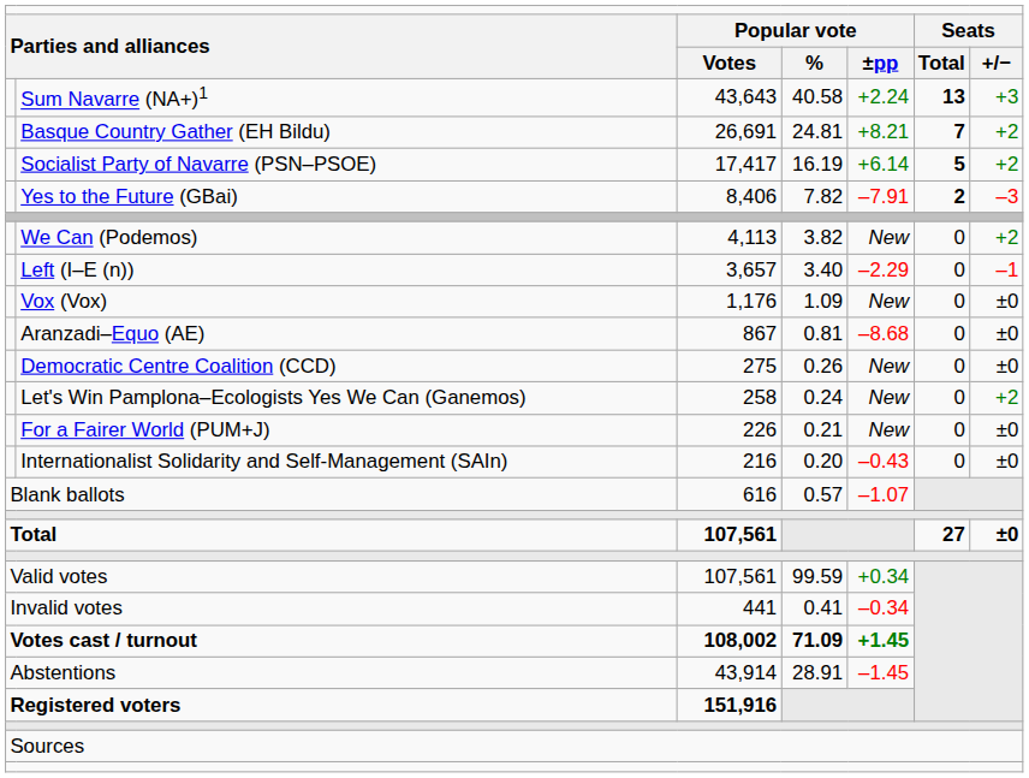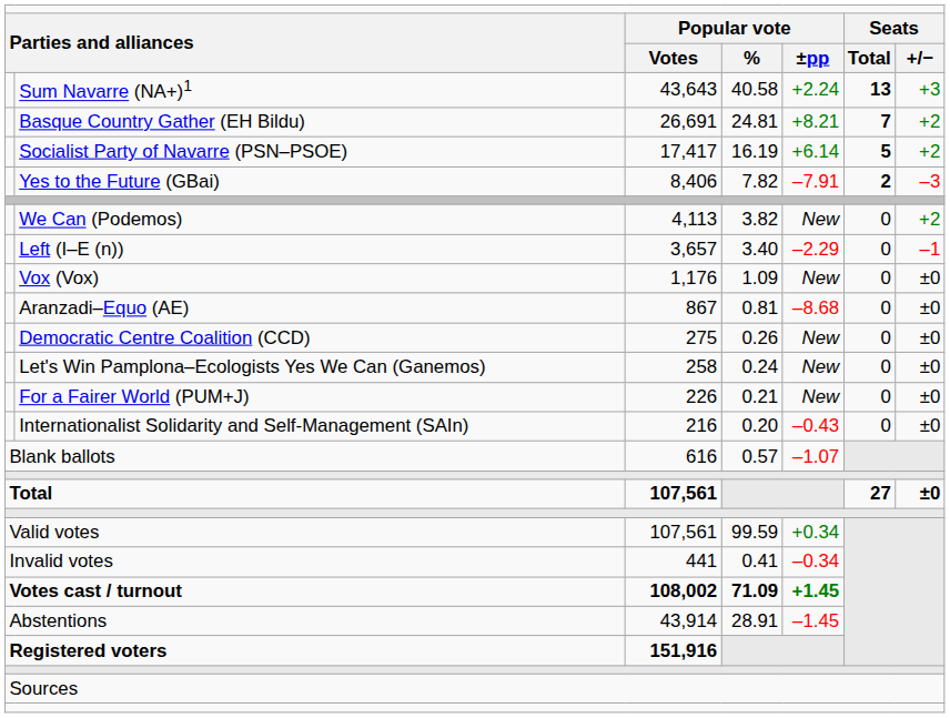 <table class="wikitable" style="text-align:right;">
 <tr>
 <td colspan="7"></td>
 </tr>
 <tr>
 <th style="text-align:left;" rowspan="2" colspan="2" width="525">Parties and alliances</th>
 <th colspan="3">Popular vote</th>
 <th colspan="2">Seats</th>
 </tr>
 <tr>
 <th width="75">Votes</th>
 <th width="45">%</th>
 <th width="45">±<a href='#'>pp</a></th>
 <th width="35">Total</th>
 <th width="35">+/−</th>
 </tr>
 <tr>
 <td width="1" style="color:inherit;background:"></td>
 <td align="left"><a href='#'>Sum Navarre</a> (NA+)<sup>1</sup></td>
 <td>43,643</td>
 <td>40.58</td>
 <td style="color:green;">+2.24</td>
 <td><strong>13</strong></td>
 <td style="color:green;">+3</td>
 </tr>
 <tr>
 <td style="color:inherit;background:"></td>
 <td align="left"><a href='#'>Basque Country Gather</a> (EH Bildu)</td>
 <td>26,691</td>
 <td>24.81</td>
 <td style="color:green;">+8.21</td>
 <td><strong>7</strong></td>
 <td style="color:green;">+2</td>
 </tr>
 <tr>
 <td style="color:inherit;background:"></td>
 <td align="left"><a href='#'>Socialist Party of Navarre</a> (PSN–PSOE)</td>
 <td>17,417</td>
 <td>16.19</td>
 <td style="color:green;">+6.14</td>
 <td><strong>5</strong></td>
 <td style="color:green;">+2</td>
 </tr>
 <tr>
 <td style="color:inherit;background:"></td>
 <td align="left"><a href='#'>Yes to the Future</a> (GBai)</td>
 <td>8,406</td>
 <td>7.82</td>
 <td style="color:red;">–7.91</td>
 <td><strong>2</strong></td>
 <td style="color:red;">–3</td>
 </tr>
 <tr>
 <td colspan="7" bgcolor="#C0C0C0"></td>
 </tr>
 <tr>
 <td style="color:inherit;background:"></td>
 <td align="left"><a href='#'>We Can</a> (Podemos)</td>
 <td>4,113</td>
 <td>3.82</td>
 <td><em>New</em></td>
 <td>0</td>
 <td style="color:green;">+2</td>
 </tr>
 <tr>
 <td style="color:inherit;background:"></td>
 <td align="left"><a href='#'>Left</a> (I–E (n))</td>
 <td>3,657</td>
 <td>3.40</td>
 <td style="color:red;">–2.29</td>
 <td>0</td>
 <td style="color:red;">–1</td>
 </tr>
 <tr>
 <td style="color:inherit;background:"></td>
 <td align="left"><a href='#'>Vox</a> (Vox)</td>
 <td>1,176</td>
 <td>1.09</td>
 <td><em>New</em></td>
 <td>0</td>
 <td>±0</td>
 </tr>
 <tr>
 <td style="color:inherit;background:"></td>
 <td align="left">Aranzadi–<a href='#'>Equo</a> (AE)</td>
 <td>867</td>
 <td>0.81</td>
 <td style="color:red;">–8.68</td>
 <td>0</td>
 <td>±0</td>
 </tr>
 <tr>
 <td style="color:inherit;background:"></td>
 <td align="left"><a href='#'>Democratic Centre Coalition</a> (CCD)</td>
 <td>275</td>
 <td>0.26</td>
 <td><em>New</em></td>
 <td>0</td>
 <td>±0</td>
 </tr>
 <tr>
 <td style="color:inherit;background:"></td>
 <td align="left">Let's Win Pamplona–Ecologists Yes We Can (Ganemos)</td>
 <td>258</td>
 <td>0.24</td>
 <td><em>New</em></td>
 <td>0</td>
-<td style="color:green;">+2</td>
+<td>±0</td>
 </tr>
 <tr>
 <td style="color:inherit;background:"></td>
 <td align="left"><a href='#'>For a Fairer World</a> (PUM+J)</td>
 <td>226</td>
 <td>0.21</td>
 <td><em>New</em></td>
 <td>0</td>
 <td>±0</td>
 </tr>
 <tr>
 <td style="color:inherit;background:"></td>
 <td align="left">Internationalist Solidarity and Self-Management (SAIn)</td>
 <td>216</td>
 <td>0.20</td>
 <td style="color:red;">–0.43</td>
 <td>0</td>
 <td>±0</td>
 </tr>
 <tr>
 <td align="left" colspan="2">Blank ballots</td>
 <td>616</td>
 <td>0.57</td>
 <td style="color:red;">–1.07</td>
 <td bgcolor="#E9E9E9" colspan="2"></td>
 </tr>
 <tr>
 <td colspan="7" bgcolor="#E9E9E9"></td>
 </tr>
 <tr style="font-weight:bold;">
 <td align="left" colspan="2">Total</td>
 <td>107,561</td>
 <td bgcolor="#E9E9E9" colspan="2"></td>
 <td>27</td>
 <td>±0</td>
 </tr>
 <tr>
 <td colspan="7" bgcolor="#E9E9E9"></td>
 </tr>
 <tr>
 <td align="left" colspan="2">Valid votes</td>
 <td>107,561</td>
 <td>99.59</td>
 <td style="color:green;">+0.34</td>
 <td bgcolor="#E9E9E9" colspan="2" rowspan="5"></td>
 </tr>
 <tr>
 <td align="left" colspan="2">Invalid votes</td>
 <td>441</td>
 <td>0.41</td>
 <td style="color:red;">–0.34</td>
 </tr>
 <tr style="font-weight:bold;">
 <td align="left" colspan="2">Votes cast / turnout</td>
 <td>108,002</td>
 <td>71.09</td>
 <td style="color:green;">+1.45</td>
 </tr>
 <tr>
 <td align="left" colspan="2">Abstentions</td>
 <td>43,914</td>
 <td>28.91</td>
 <td style="color:red;">–1.45</td>
 </tr>
 <tr style="font-weight:bold;">
 <td align="left" colspan="2">Registered voters</td>
 <td>151,916</td>
 <td bgcolor="#E9E9E9" colspan="2"></td>
 </tr>
 <tr>
 <td colspan="7" bgcolor="#E9E9E9"></td>
 </tr>
 <tr>
 <td align="left" colspan="7">Sources</td>
 </tr>
 <tr>
 <td colspan="7" style="text-align:left; max-width:790px;"></td>
 </tr>
 </table>
